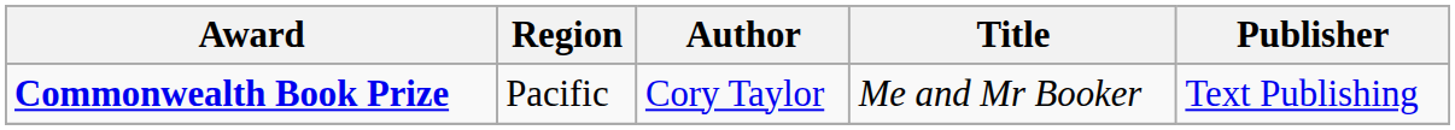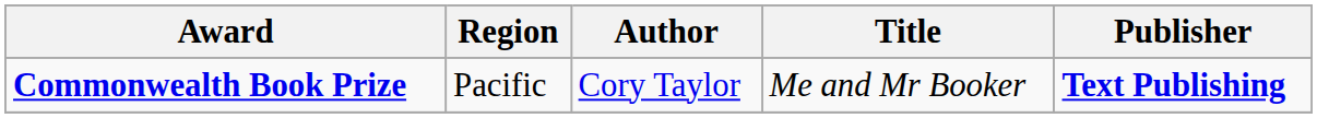 <table class="wikitable" width=100%>
 <tr>
 <th>Award</th>
 <th>Region</th>
 <th>Author</th>
 <th>Title</th>
 <th>Publisher</th>
 </tr>
 <tr>
 <td><strong><a href='#'>Commonwealth Book Prize</a></strong></td>
 <td>Pacific</td>
 <td><a href='#'>Cory Taylor</a></td>
 <td><em>Me and Mr Booker</em></td>
-<td><a href='#'>Text Publishing</a></td>
+<td><strong><a href='#'>Text Publishing</a></strong></td>
 </tr>
 <tr>
 </tr>
 </table>
